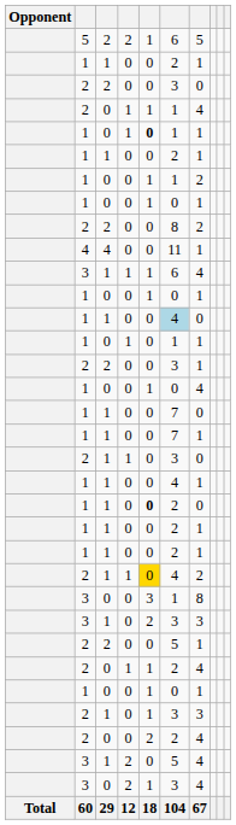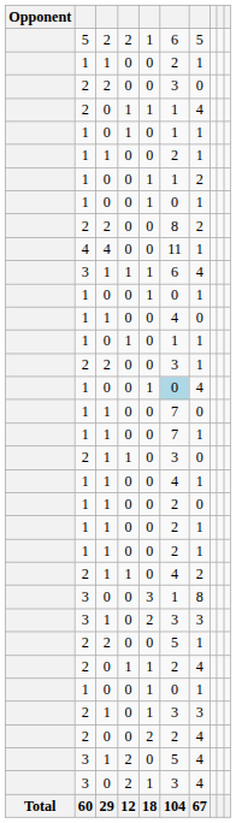 <table class="wikitable plainrowheaders sortable" style="text-align:center">
 <tr>
 <th scope=col>Opponent</th>
 <th scope=col></th>
 <th scope=col></th>
 <th scope=col></th>
 <th scope=col></th>
 <th scope=col></th>
 <th scope=col></th>
 <th scope=col></th>
 <th scope=col></th>
 <th scope=col></th>
 </tr>
 <tr>
 <th scope=row style="text-align:left;"></th>
 <td>5</td>
 <td>2</td>
 <td>2</td>
 <td>1</td>
 <td>6</td>
 <td>5</td>
 <td></td>
 <td></td>
 <td></td>
 </tr>
 <tr>
 <th scope=row style="text-align:left;"></th>
 <td>1</td>
 <td>1</td>
 <td>0</td>
 <td>0</td>
 <td>2</td>
 <td>1</td>
 <td></td>
 <td></td>
 <td></td>
 </tr>
 <tr>
 <th scope=row style="text-align:left;"></th>
 <td>2</td>
 <td>2</td>
 <td>0</td>
 <td>0</td>
 <td>3</td>
 <td>0</td>
 <td></td>
 <td></td>
 <td></td>
 </tr>
 <tr>
 <th scope=row style="text-align:left;"></th>
 <td>2</td>
 <td>0</td>
 <td>1</td>
 <td>1</td>
 <td>1</td>
 <td>4</td>
 <td></td>
 <td></td>
 <td></td>
 </tr>
 <tr>
 <th scope=row style="text-align:left;"></th>
 <td>1</td>
 <td>0</td>
 <td>1</td>
-<td><strong>0</strong></td>
+<td>0</td>
 <td>1</td>
 <td>1</td>
 <td></td>
 <td></td>
 <td></td>
 </tr>
 <tr>
 <th scope=row style="text-align:left;"></th>
 <td>1</td>
 <td>1</td>
 <td>0</td>
 <td>0</td>
 <td>2</td>
 <td>1</td>
 <td></td>
 <td></td>
 <td></td>
 </tr>
 <tr>
 <th scope=row style="text-align:left;"></th>
 <td>1</td>
 <td>0</td>
 <td>0</td>
 <td>1</td>
 <td>1</td>
 <td>2</td>
 <td></td>
 <td></td>
 <td></td>
 </tr>
 <tr>
 <th scope=row style="text-align:left;"></th>
 <td>1</td>
 <td>0</td>
 <td>0</td>
 <td>1</td>
 <td>0</td>
 <td>1</td>
 <td></td>
 <td></td>
 <td></td>
 </tr>
 <tr>
 <th scope=row style="text-align:left;"></th>
 <td>2</td>
 <td>2</td>
 <td>0</td>
 <td>0</td>
 <td>8</td>
 <td>2</td>
 <td></td>
 <td></td>
 <td></td>
 </tr>
 <tr>
 <th scope=row style="text-align:left;"></th>
 <td>4</td>
 <td>4</td>
 <td>0</td>
 <td>0</td>
 <td>11</td>
 <td>1</td>
 <td></td>
 <td></td>
 <td></td>
 </tr>
 <tr>
 <th scope=row style="text-align:left;"></th>
 <td>3</td>
 <td>1</td>
 <td>1</td>
 <td>1</td>
 <td>6</td>
 <td>4</td>
 <td></td>
 <td></td>
 <td></td>
 </tr>
 <tr>
 <th scope=row style="text-align:left;"></th>
 <td>1</td>
 <td>0</td>
 <td>0</td>
 <td>1</td>
 <td>0</td>
 <td>1</td>
 <td></td>
 <td></td>
 <td></td>
 </tr>
 <tr>
 <th scope=row style="text-align:left;"></th>
 <td>1</td>
 <td>1</td>
 <td>0</td>
 <td>0</td>
-<td style="background: lightblue;">4</td>
+<td>4</td>
 <td>0</td>
 <td></td>
 <td></td>
 <td></td>
 </tr>
 <tr>
 <th scope=row style="text-align:left;"></th>
 <td>1</td>
 <td>0</td>
 <td>1</td>
 <td>0</td>
 <td>1</td>
 <td>1</td>
 <td></td>
 <td></td>
 <td></td>
 </tr>
 <tr>
 <th scope=row style="text-align:left;"></th>
 <td>2</td>
 <td>2</td>
 <td>0</td>
 <td>0</td>
 <td>3</td>
 <td>1</td>
 <td></td>
 <td></td>
 <td></td>
 </tr>
 <tr>
 <th scope=row style="text-align:left;"></th>
 <td>1</td>
 <td>0</td>
 <td>0</td>
 <td>1</td>
-<td>0</td>
+<td style="background: lightblue;">0</td>
 <td>4</td>
 <td></td>
 <td></td>
 <td></td>
 </tr>
 <tr>
 <th scope=row style="text-align:left;"></th>
 <td>1</td>
 <td>1</td>
 <td>0</td>
 <td>0</td>
 <td>7</td>
 <td>0</td>
 <td></td>
 <td></td>
 <td></td>
 </tr>
 <tr>
 <th scope=row style="text-align:left;"></th>
 <td>1</td>
 <td>1</td>
 <td>0</td>
 <td>0</td>
 <td>7</td>
 <td>1</td>
 <td></td>
 <td></td>
 <td></td>
 </tr>
 <tr>
 <th scope=row style="text-align:left;"></th>
 <td>2</td>
 <td>1</td>
 <td>1</td>
 <td>0</td>
 <td>3</td>
 <td>0</td>
 <td></td>
 <td></td>
 <td></td>
 </tr>
 <tr>
 <th scope=row style="text-align:left;"></th>
 <td>1</td>
 <td>1</td>
 <td>0</td>
 <td>0</td>
 <td>4</td>
 <td>1</td>
 <td></td>
 <td></td>
 <td></td>
 </tr>
 <tr>
 <th scope=row style="text-align:left;"></th>
 <td>1</td>
 <td>1</td>
 <td>0</td>
-<td><strong>0</strong></td>
+<td>0</td>
 <td>2</td>
 <td>0</td>
 <td></td>
 <td></td>
 <td></td>
 </tr>
 <tr>
 <th scope=row style="text-align:left;"></th>
 <td>1</td>
 <td>1</td>
 <td>0</td>
 <td>0</td>
 <td>2</td>
 <td>1</td>
 <td></td>
 <td></td>
 <td></td>
 </tr>
 <tr>
 <th scope=row style="text-align:left;"></th>
 <td>1</td>
 <td>1</td>
 <td>0</td>
 <td>0</td>
 <td>2</td>
 <td>1</td>
 <td></td>
 <td></td>
 <td></td>
 </tr>
 <tr>
 <th scope=row style="text-align:left;"></th>
 <td>2</td>
 <td>1</td>
 <td>1</td>
-<td style="background: gold;">0</td>
+<td>0</td>
 <td>4</td>
 <td>2</td>
 <td></td>
 <td></td>
 <td></td>
 </tr>
 <tr>
 <th scope=row style="text-align:left;"></th>
 <td>3</td>
 <td>0</td>
 <td>0</td>
 <td>3</td>
 <td>1</td>
 <td>8</td>
 <td></td>
 <td></td>
 <td></td>
 </tr>
 <tr>
 <th scope=row style="text-align:left;"></th>
 <td>3</td>
 <td>1</td>
 <td>0</td>
 <td>2</td>
 <td>3</td>
 <td>3</td>
 <td></td>
 <td></td>
 <td></td>
 </tr>
 <tr>
 <th scope=row style="text-align:left;"></th>
 <td>2</td>
 <td>2</td>
 <td>0</td>
 <td>0</td>
 <td>5</td>
 <td>1</td>
 <td></td>
 <td></td>
 <td></td>
 </tr>
 <tr>
 <th scope=row style="text-align:left;"></th>
 <td>2</td>
 <td>0</td>
 <td>1</td>
 <td>1</td>
 <td>2</td>
 <td>4</td>
 <td></td>
 <td></td>
 <td></td>
 </tr>
 <tr>
 <th scope=row style="text-align:left;"></th>
 <td>1</td>
 <td>0</td>
 <td>0</td>
 <td>1</td>
 <td>0</td>
 <td>1</td>
 <td></td>
 <td></td>
 <td></td>
 </tr>
 <tr>
 <th scope=row style="text-align:left;"></th>
 <td>2</td>
 <td>1</td>
 <td>0</td>
 <td>1</td>
 <td>3</td>
 <td>3</td>
 <td></td>
 <td></td>
 <td></td>
 </tr>
 <tr>
 <th scope=row style="text-align:left;"></th>
 <td>2</td>
 <td>0</td>
 <td>0</td>
 <td>2</td>
 <td>2</td>
 <td>4</td>
 <td></td>
 <td></td>
 <td></td>
 </tr>
 <tr>
 <th scope=row style="text-align:left;"></th>
 <td>3</td>
 <td>1</td>
 <td>2</td>
 <td>0</td>
 <td>5</td>
 <td>4</td>
 <td></td>
 <td></td>
 <td></td>
 </tr>
 <tr>
 <th scope=row style="text-align:left;"></th>
 <td>3</td>
 <td>0</td>
 <td>2</td>
 <td>1</td>
 <td>3</td>
 <td>4</td>
 <td></td>
 <td></td>
 <td></td>
 </tr>
 <tr class="sortbottom">
 <th>Total</th>
 <th>60</th>
 <th>29</th>
 <th>12</th>
 <th>18</th>
 <th>104</th>
 <th>67</th>
 <th></th>
 <th></th>
 <th></th>
 </tr>
 </table>
